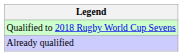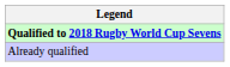 <table class="wikitable" style="font-size:92%;">
 <tr>
 <th colspan=2>Legend</th>
 </tr>
 <tr bgcolor=ccffcc>
-<td>Qualified to <a href='#'>2018 Rugby World Cup Sevens</a></td>
+<td><strong>Qualified to <a href='#'>2018 Rugby World Cup Sevens</a></strong></td>
 </tr>
 <tr bgcolor=ccccff>
 <td>Already qualified</td>
 </tr>
 </table>
